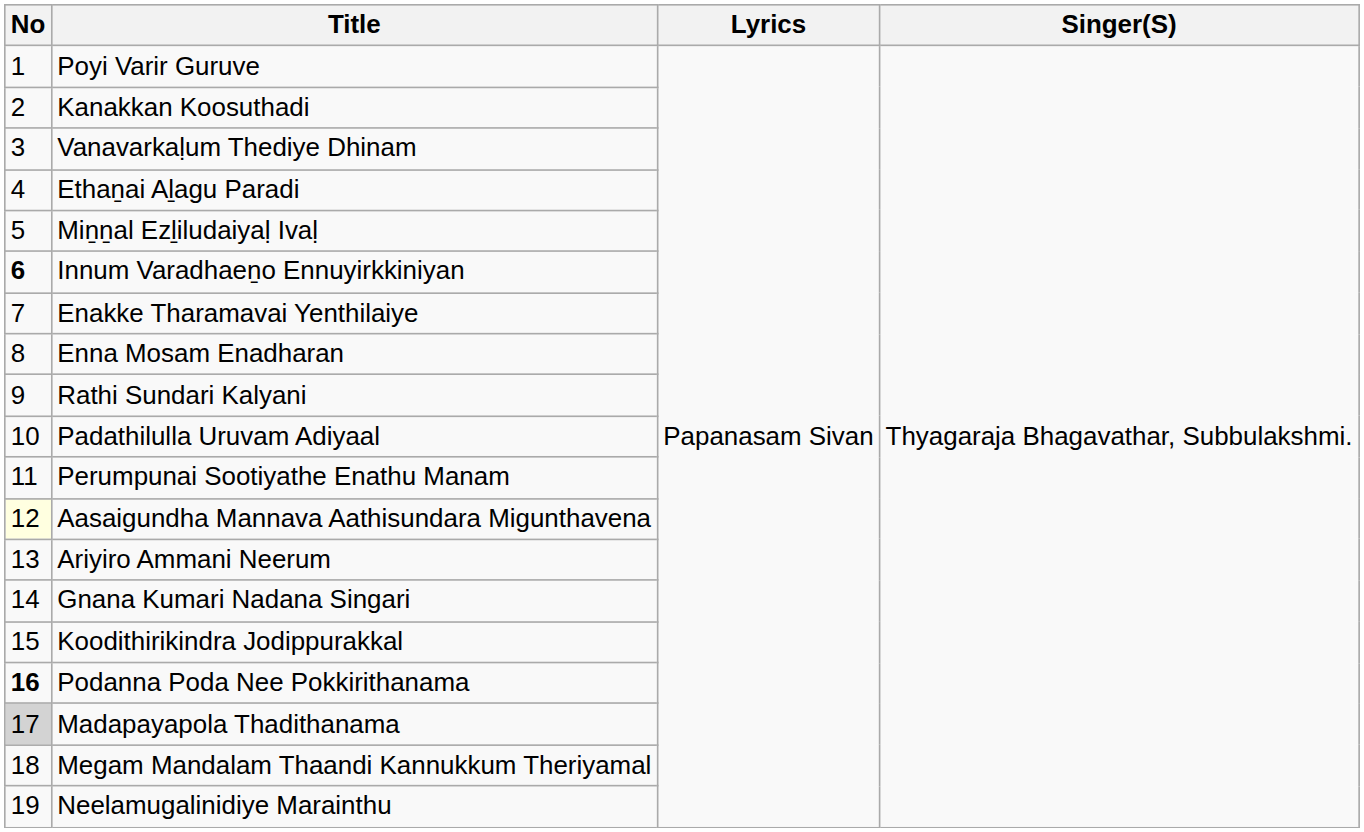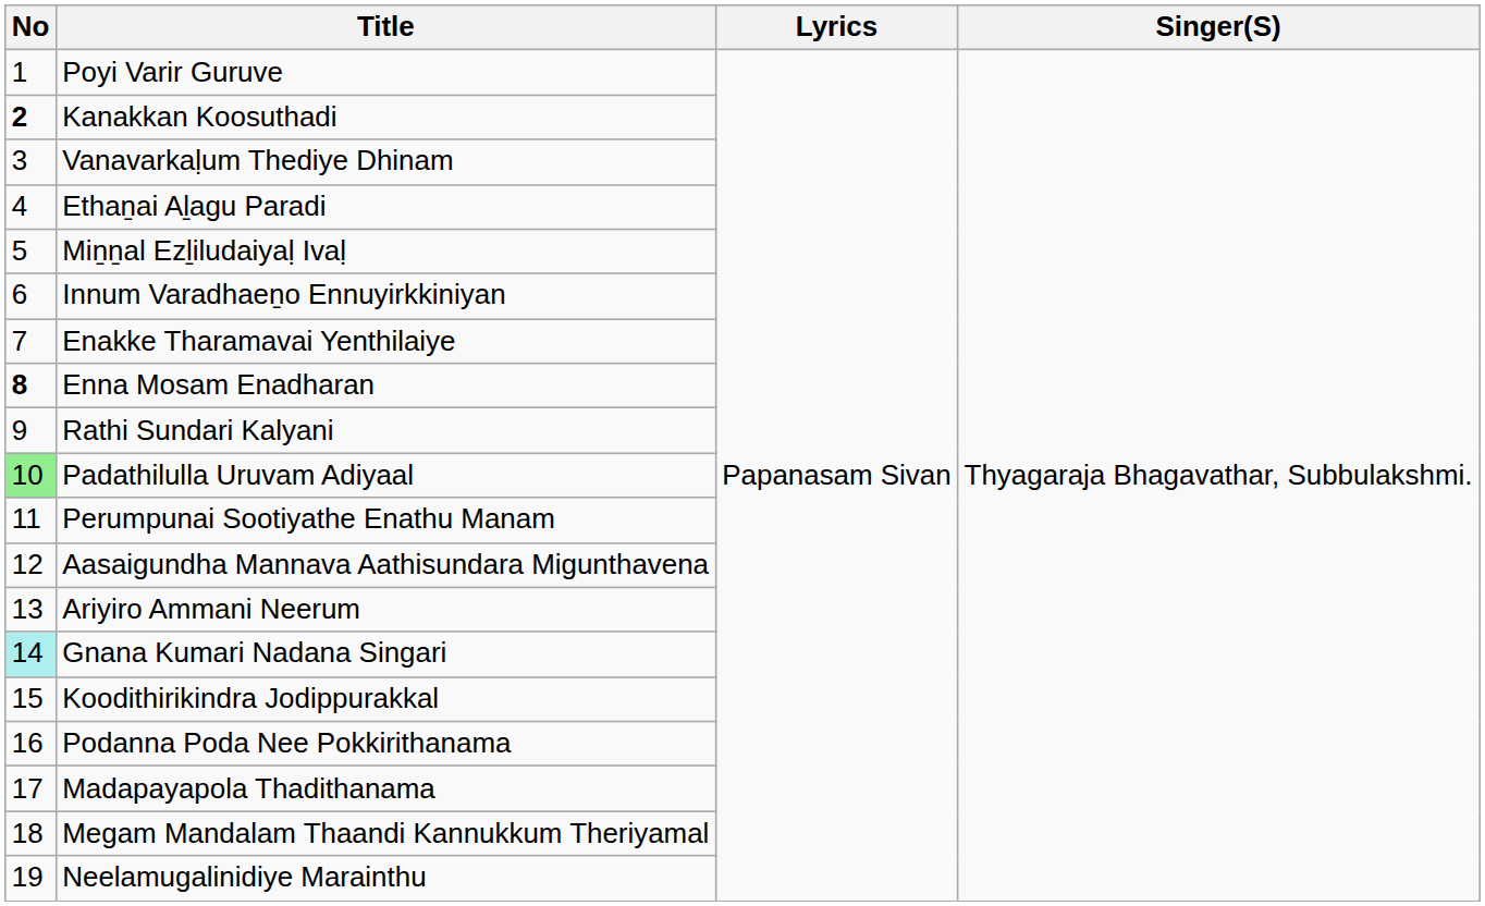 <table class="wikitable">
 <tr>
 <th>No</th>
 <th>Title</th>
 <th>Lyrics</th>
 <th>Singer(S)</th>
 </tr>
 <tr>
 <td>1</td>
 <td>Poyi Varir Guruve</td>
 <td rowspan="19">Papanasam Sivan</td>
 <td rowspan="19">Thyagaraja Bhagavathar, Subbulakshmi.</td>
 </tr>
 <tr>
-<td>2</td>
+<td><strong>2</strong></td>
 <td>Kanakkan Koosuthadi</td>
 </tr>
 <tr>
 <td>3</td>
 <td>Vanavarkaḷum Thediye Dhinam</td>
 </tr>
 <tr>
 <td>4</td>
 <td>Ethaṉai Aḻagu Paradi</td>
 </tr>
 <tr>
 <td>5</td>
 <td>Miṉṉal Ezḻiludaiyaḷ Ivaḷ</td>
 </tr>
 <tr>
-<td><strong>6</strong></td>
+<td>6</td>
 <td>Innum Varadhaeṉo Ennuyirkkiniyan</td>
 </tr>
 <tr>
 <td>7</td>
 <td>Enakke Tharamavai Yenthilaiye</td>
 </tr>
 <tr>
-<td>8</td>
+<td><strong>8</strong></td>
 <td>Enna Mosam Enadharan</td>
 </tr>
 <tr>
 <td>9</td>
 <td>Rathi Sundari Kalyani</td>
 </tr>
 <tr>
-<td>10</td>
+<td style="background: lightgreen;">10</td>
 <td>Padathilulla Uruvam Adiyaal</td>
 </tr>
 <tr>
 <td>11</td>
 <td>Perumpunai Sootiyathe Enathu Manam</td>
 </tr>
 <tr>
-<td style="background: lightyellow;">12</td>
+<td>12</td>
 <td>Aasaigundha Mannava Aathisundara Migunthavena</td>
 </tr>
 <tr>
 <td>13</td>
 <td>Ariyiro Ammani Neerum</td>
 </tr>
 <tr>
-<td>14</td>
+<td style="background: paleturquoise;">14</td>
 <td>Gnana Kumari Nadana Singari</td>
 </tr>
 <tr>
 <td>15</td>
 <td>Koodithirikindra Jodippurakkal</td>
 </tr>
 <tr>
-<td><strong>16</strong></td>
+<td>16</td>
 <td>Podanna Poda Nee Pokkirithanama</td>
 </tr>
 <tr>
-<td style="background: lightgrey;">17</td>
+<td>17</td>
 <td>Madapayapola Thadithanama</td>
 </tr>
 <tr>
 <td>18</td>
 <td>Megam Mandalam Thaandi Kannukkum Theriyamal</td>
 </tr>
 <tr>
 <td>19</td>
 <td>Neelamugalinidiye Marainthu</td>
 </tr>
 </table>
